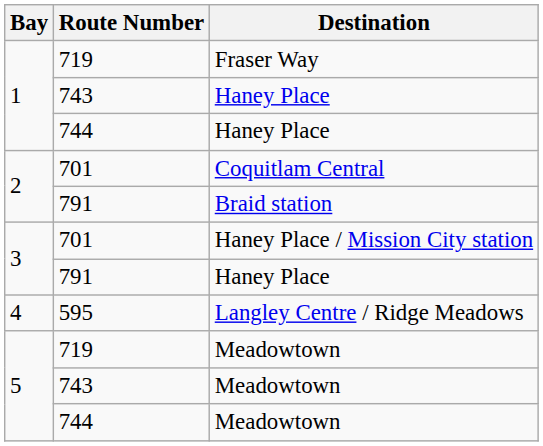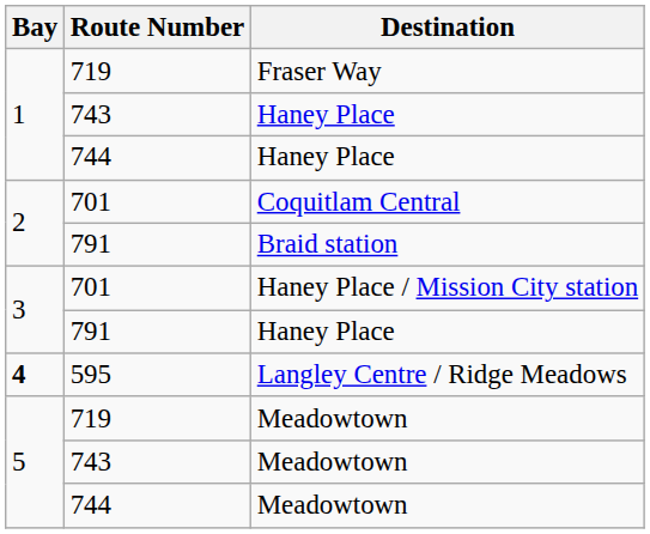 <table class="wikitable">
 <tr>
 <th>Bay</th>
 <th>Route Number</th>
 <th>Destination</th>
 </tr>
 <tr>
 <td rowspan="3">1</td>
 <td>719</td>
 <td>Fraser Way</td>
 </tr>
 <tr>
 <td>743</td>
 <td><a href='#'>Haney Place</a></td>
 </tr>
 <tr>
 <td>744</td>
 <td>Haney Place</td>
 </tr>
 <tr>
 <td rowspan="2">2</td>
 <td>701</td>
 <td><a href='#'>Coquitlam Central</a></td>
 </tr>
 <tr>
 <td>791</td>
 <td><a href='#'>Braid station</a></td>
 </tr>
 <tr>
 <td rowspan="2">3</td>
 <td>701</td>
 <td>Haney Place / <a href='#'>Mission City station</a></td>
 </tr>
 <tr>
 <td>791</td>
 <td>Haney Place</td>
 </tr>
 <tr>
-<td>4</td>
+<td><strong>4</strong></td>
 <td>595</td>
 <td><a href='#'>Langley Centre</a> / Ridge Meadows</td>
 </tr>
 <tr>
 <td rowspan="3">5</td>
 <td>719</td>
 <td>Meadowtown</td>
 </tr>
 <tr>
 <td>743</td>
 <td>Meadowtown</td>
 </tr>
 <tr>
 <td>744</td>
 <td>Meadowtown</td>
 </tr>
 </table>
